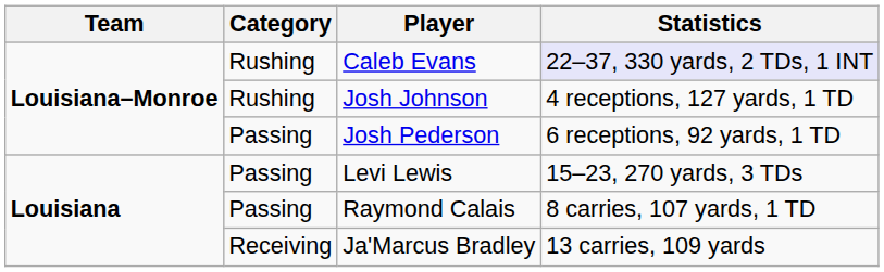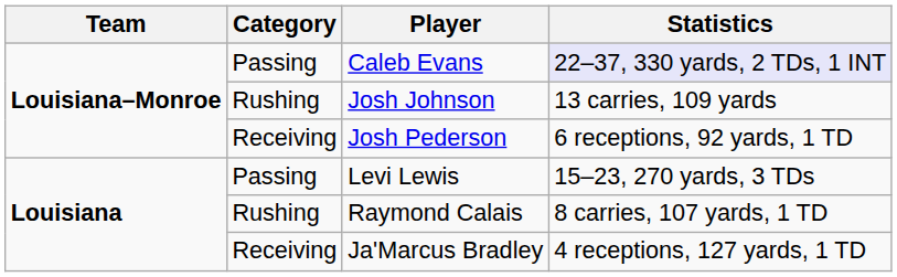 <table class="wikitable" style="float: left;">
 <tr>
 <th>Team</th>
 <th>Category</th>
 <th>Player</th>
 <th>Statistics</th>
 </tr>
 <tr>
 <td rowspan=3><strong>Louisiana–Monroe</strong></td>
-<td>Rushing</td>
+<td>Passing</td>
 <td><a href='#'>Caleb Evans</a></td>
 <td style="background: lavender;">22–37, 330 yards, 2 TDs, 1 INT</td>
 </tr>
 <tr>
 <td>Rushing</td>
 <td><a href='#'>Josh Johnson</a></td>
-<td>4 receptions, 127 yards, 1 TD</td>
+<td>13 carries, 109 yards</td>
 </tr>
 <tr>
-<td>Passing</td>
+<td>Receiving</td>
 <td><a href='#'>Josh Pederson</a></td>
 <td>6 receptions, 92 yards, 1 TD</td>
 </tr>
 <tr>
 <td rowspan=3><strong>Louisiana</strong></td>
 <td>Passing</td>
 <td>Levi Lewis</td>
 <td>15–23, 270 yards, 3 TDs</td>
 </tr>
 <tr>
-<td>Passing</td>
+<td>Rushing</td>
 <td>Raymond Calais</td>
 <td>8 carries, 107 yards, 1 TD</td>
 </tr>
 <tr>
 <td>Receiving</td>
 <td>Ja'Marcus Bradley</td>
-<td>13 carries, 109 yards</td>
+<td>4 receptions, 127 yards, 1 TD</td>
 </tr>
 </table>
